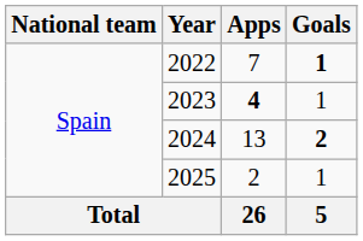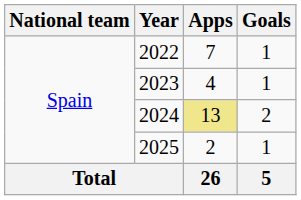 <table class="wikitable" style="text-align:center">
 <tr>
 <th>National team</th>
 <th>Year</th>
 <th>Apps</th>
 <th>Goals</th>
 </tr>
 <tr>
 <td rowspan="4"><a href='#'>Spain</a></td>
 <td>2022</td>
 <td>7</td>
-<td><strong>1</strong></td>
+<td>1</td>
 </tr>
 <tr>
 <td>2023</td>
-<td><strong>4</strong></td>
+<td>4</td>
 <td>1</td>
 </tr>
 <tr>
 <td>2024</td>
-<td>13</td>
-<td><strong>2</strong></td>
+<td style="background: khaki;">13</td>
+<td>2</td>
 </tr>
 <tr>
 <td>2025</td>
 <td>2</td>
 <td>1</td>
 </tr>
 <tr>
 <th colspan="2">Total</th>
 <th>26</th>
 <th>5</th>
 </tr>
 </table>
